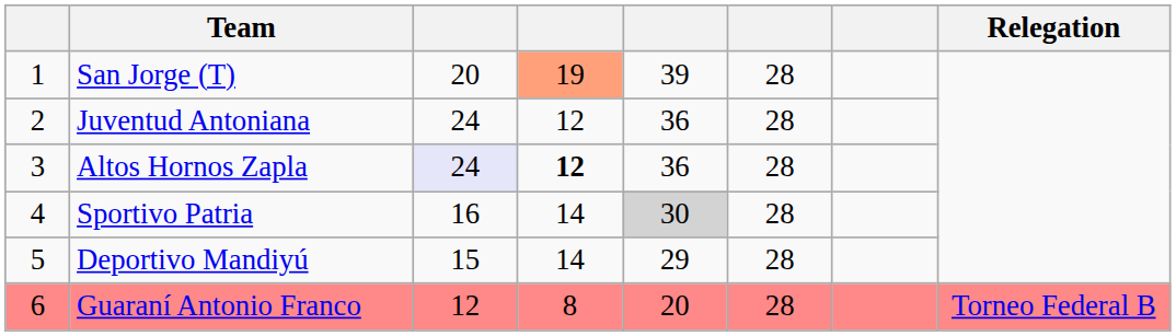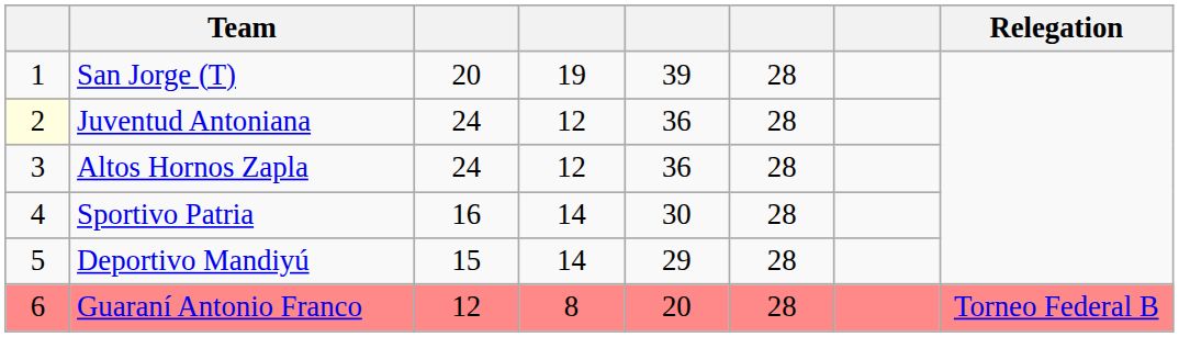 <table class="wikitable" style="text-align: center;">
 <tr>
 <th width=28><br></th>
 <th width=180>Team</th>
 <th width=50></th>
 <th width=50></th>
 <th width=50></th>
 <th width=50></th>
 <th width=50><br></th>
 <th width=120>Relegation</th>
 </tr>
 <tr>
 <td>1</td>
 <td align="left"><a href='#'>San Jorge (T)</a></td>
 <td>20</td>
-<td style="background: lightsalmon;">19</td>
+<td>19</td>
 <td>39</td>
 <td>28</td>
 <td><strong></strong></td>
 <td rowspan=5></td>
 </tr>
 <tr>
-<td>2</td>
+<td style="background: lightyellow;">2</td>
 <td align="left"><a href='#'>Juventud Antoniana</a></td>
 <td>24</td>
 <td>12</td>
 <td>36</td>
 <td>28</td>
 <td><strong></strong></td>
 </tr>
 <tr>
 <td>3</td>
 <td align="left"><a href='#'>Altos Hornos Zapla</a></td>
-<td style="background: lavender;">24</td>
-<td><strong>12</strong></td>
+<td>24</td>
+<td>12</td>
 <td>36</td>
 <td>28</td>
 <td><strong></strong></td>
 </tr>
 <tr>
 <td>4</td>
 <td align="left"><a href='#'>Sportivo Patria</a></td>
 <td>16</td>
 <td>14</td>
-<td style="background: lightgrey;">30</td>
+<td>30</td>
 <td>28</td>
 <td><strong></strong></td>
 </tr>
 <tr>
 <td>5</td>
 <td align="left"><a href='#'>Deportivo Mandiyú</a></td>
 <td>15</td>
 <td>14</td>
 <td>29</td>
 <td>28</td>
 <td><strong></strong></td>
 </tr>
 <tr bgcolor=#FF8888>
 <td>6</td>
 <td align="left"><a href='#'>Guaraní Antonio Franco</a></td>
 <td>12</td>
 <td>8</td>
 <td>20</td>
 <td>28</td>
 <td><strong></strong></td>
 <td><a href='#'>Torneo Federal B</a></td>
 </tr>
 </table>
